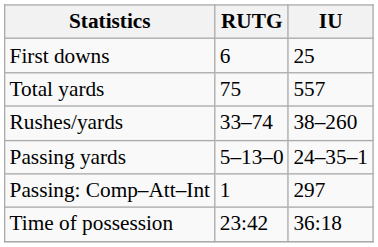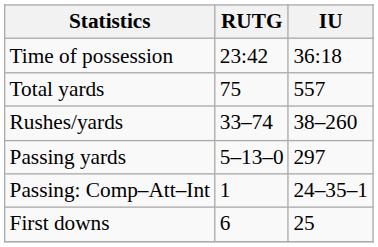 <table class="wikitable" style="float: left;">
 <tr>
 <th>Statistics</th>
 <th>RUTG</th>
 <th>IU</th>
 </tr>
 <tr>
-<td>First downs</td>
-<td>6</td>
-<td>25</td>
+<td>Time of possession</td>
+<td>23:42</td>
+<td>36:18</td>
 </tr>
 <tr>
 <td>Total yards</td>
 <td>75</td>
 <td>557</td>
 </tr>
 <tr>
 <td>Rushes/yards</td>
 <td>33–74</td>
 <td>38–260</td>
 </tr>
 <tr>
 <td>Passing yards</td>
 <td>5–13–0</td>
-<td>24–35–1</td>
+<td>297</td>
 </tr>
 <tr>
 <td>Passing: Comp–Att–Int</td>
 <td>1</td>
-<td>297</td>
+<td>24–35–1</td>
 </tr>
 <tr>
-<td>Time of possession</td>
-<td>23:42</td>
-<td>36:18</td>
+<td>First downs</td>
+<td>6</td>
+<td>25</td>
 </tr>
 <tr>
 </tr>
 </table>
